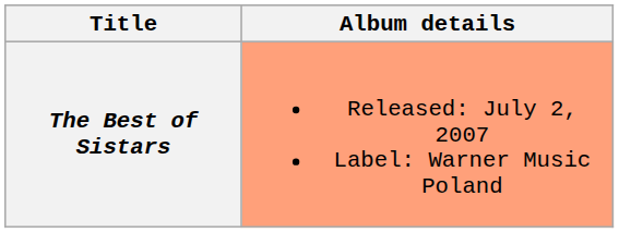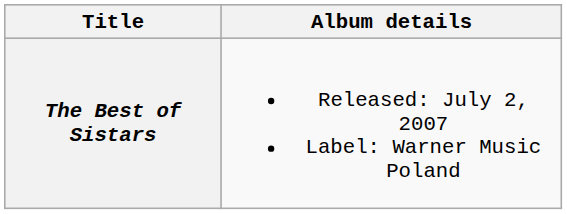 <table class="wikitable plainrowheaders" style="text-align:center;">
 <tr>
 <th scope="col" style="width:10em;">Title</th>
 <th scope="col" style="width:16em;">Album details</th>
 </tr>
 <tr>
 <th scope="row"><em>The Best of Sistars</em></th>
-<td style="background: lightsalmon;"><br><ul><li>Released: July 2, 2007</li><li>Label: Warner Music Poland</li></ul></td>
+<td><br><ul><li>Released: July 2, 2007</li><li>Label: Warner Music Poland</li></ul></td>
 </tr>
 </table>
